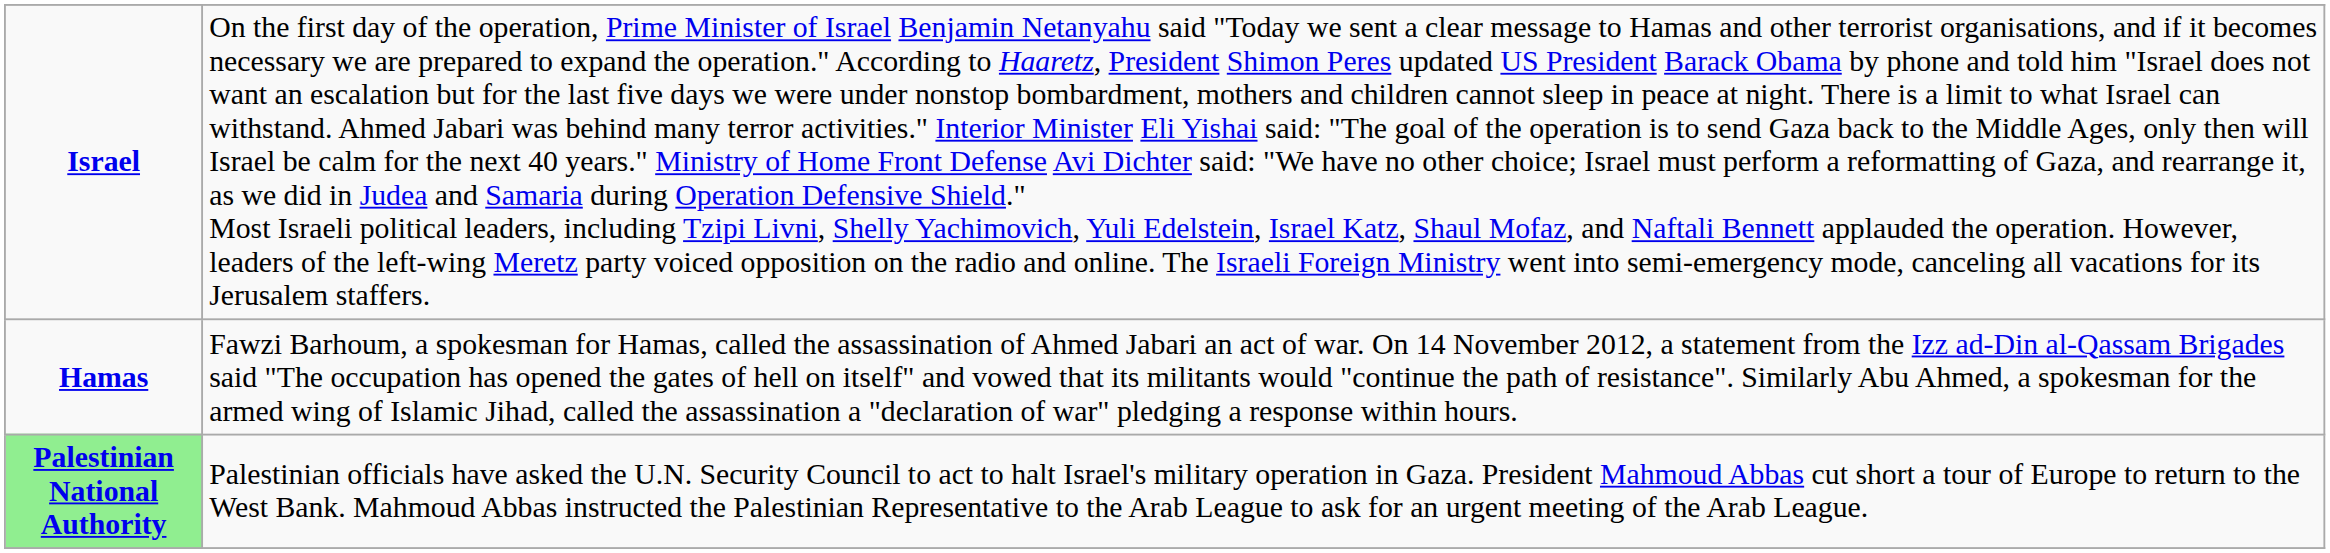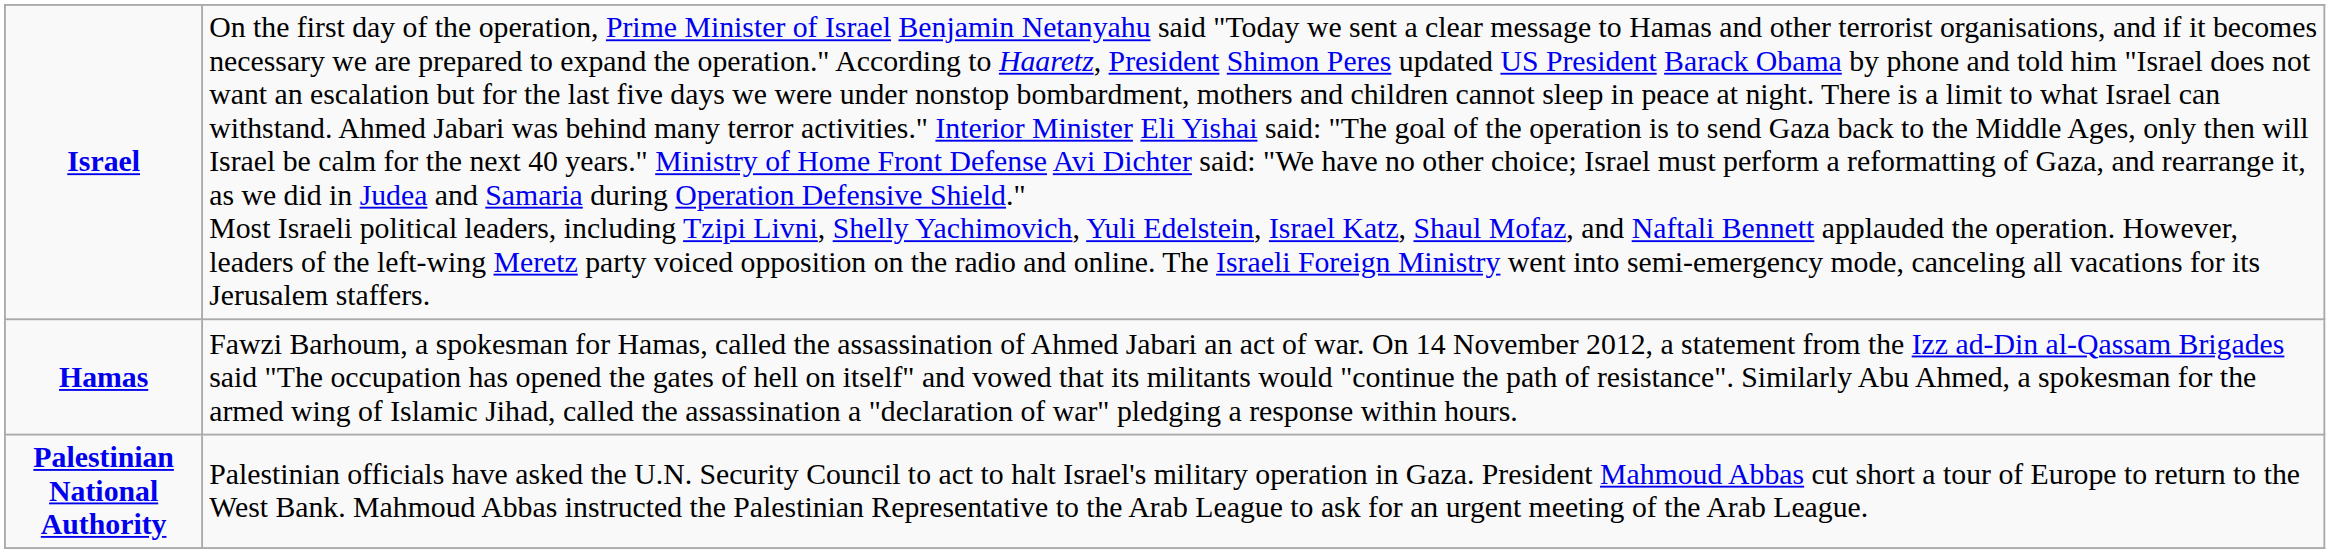 <table class="wikitable">
 <tr>
 <td style="text-align:center;"><strong><a href='#'>Israel</a></strong></td>
 <td>On the first day of the operation, <a href='#'>Prime Minister of Israel</a> <a href='#'>Benjamin Netanyahu</a> said "Today we sent a clear message to Hamas and other terrorist organisations, and if it becomes necessary we are prepared to expand the operation." According to <em><a href='#'>Haaretz</a></em>, <a href='#'>President</a> <a href='#'>Shimon Peres</a> updated <a href='#'>US President</a> <a href='#'>Barack Obama</a> by phone and told him "Israel does not want an escalation but for the last five days we were under nonstop bombardment, mothers and children cannot sleep in peace at night. There is a limit to what Israel can withstand. Ahmed Jabari was behind many terror activities." <a href='#'>Interior Minister</a> <a href='#'>Eli Yishai</a> said: "The goal of the operation is to send Gaza back to the Middle Ages, only then will Israel be calm for the next 40 years." <a href='#'>Ministry of Home Front Defense</a> <a href='#'>Avi Dichter</a> said: "We have no other choice; Israel must perform a reformatting of Gaza, and rearrange it, as we did in <a href='#'>Judea</a> and <a href='#'>Samaria</a> during <a href='#'>Operation Defensive Shield</a>."<br>Most Israeli political leaders, including <a href='#'>Tzipi Livni</a>, <a href='#'>Shelly Yachimovich</a>, <a href='#'>Yuli Edelstein</a>, <a href='#'>Israel Katz</a>, <a href='#'>Shaul Mofaz</a>, and <a href='#'>Naftali Bennett</a> applauded the operation. However, leaders of the left-wing <a href='#'>Meretz</a> party voiced opposition on the radio and online. The <a href='#'>Israeli Foreign Ministry</a> went into semi-emergency mode, canceling all vacations for its Jerusalem staffers.</td>
 </tr>
 <tr>
 <td style="text-align:center;"><strong><a href='#'>Hamas</a></strong></td>
 <td>Fawzi Barhoum, a spokesman for Hamas, called the assassination of Ahmed Jabari an act of war. On 14 November 2012, a statement from the <a href='#'>Izz ad-Din al-Qassam Brigades</a> said "The occupation has opened the gates of hell on itself" and vowed that its militants would "continue the path of resistance". Similarly Abu Ahmed, a spokesman for the armed wing of Islamic Jihad, called the assassination a "declaration of war" pledging a response within hours.</td>
 </tr>
 <tr>
-<td style="background: lightgreen; text-align:center;"><strong><a href='#'>Palestinian National Authority</a></strong></td>
+<td style="text-align:center;"><strong><a href='#'>Palestinian National Authority</a></strong></td>
 <td>Palestinian officials have asked the U.N. Security Council to act to halt Israel's military operation in Gaza. President <a href='#'>Mahmoud Abbas</a> cut short a tour of Europe to return to the West Bank. Mahmoud Abbas instructed the Palestinian Representative to the Arab League to ask for an urgent meeting of the Arab League.</td>
 </tr>
 </table>
